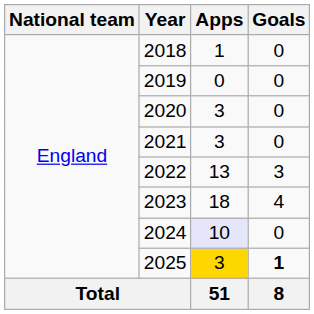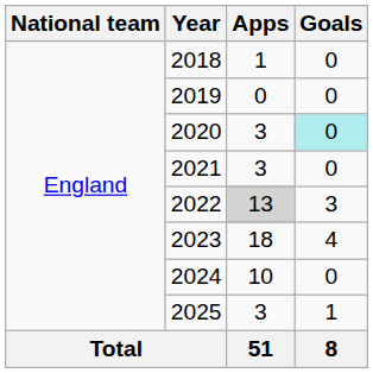 <table class="wikitable" style="text-align:center">
 <tr>
 <th>National team</th>
 <th>Year</th>
 <th>Apps</th>
 <th>Goals</th>
 </tr>
 <tr>
 <td rowspan="8"><a href='#'>England</a></td>
 <td>2018</td>
 <td>1</td>
 <td>0</td>
 </tr>
 <tr>
 <td>2019</td>
 <td>0</td>
 <td>0</td>
 </tr>
 <tr>
 <td>2020</td>
 <td>3</td>
-<td>0</td>
+<td style="background: paleturquoise;">0</td>
 </tr>
 <tr>
 <td>2021</td>
 <td>3</td>
 <td>0</td>
 </tr>
 <tr>
 <td>2022</td>
-<td>13</td>
+<td style="background: lightgrey;">13</td>
 <td>3</td>
 </tr>
 <tr>
 <td>2023</td>
 <td>18</td>
 <td>4</td>
 </tr>
 <tr>
 <td>2024</td>
-<td style="background: lavender;">10</td>
+<td>10</td>
 <td>0</td>
 </tr>
 <tr>
 <td>2025</td>
-<td style="background: gold;">3</td>
-<td><strong>1</strong></td>
+<td>3</td>
+<td>1</td>
 </tr>
 <tr>
 <th colspan="2">Total</th>
 <th>51</th>
 <th>8</th>
 </tr>
 </table>
